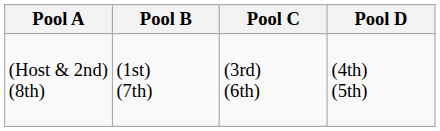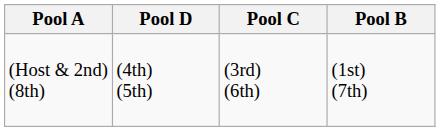 <table class="wikitable">
 <tr>
 <th width=25%>Pool A</th>
+<th width=25%>Pool D</th>
+<th width=25%>Pool C</th>
 <th width=25%>Pool B</th>
-<th width=25%>Pool C</th>
-<th width=25%>Pool D</th>
 </tr>
 <tr>
 <td valign=top><br> (Host & 2nd)<br>  (8th)<br> </td>
+<td><br> (4th)<br>  (5th)<br> <br> </td>
+<td><br> (3rd)<br>  (6th)<br> <br> </td>
 <td><br> (1st)<br>  (7th)<br> <br> </td>
-<td><br> (3rd)<br>  (6th)<br> <br> </td>
-<td><br> (4th)<br>  (5th)<br> <br> </td>
 </tr>
 </table>
